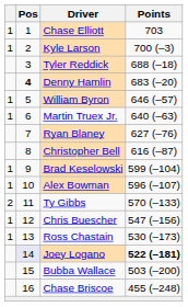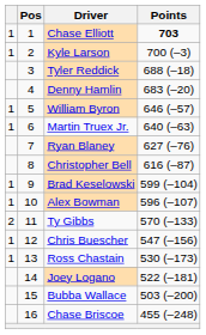 <table class="wikitable" style="font-size: 95%;">
 <tr>
 <th></th>
 <th>Pos</th>
 <th>Driver</th>
 <th>Points</th>
 </tr>
 <tr>
 <td align="left"> 1</td>
 <td style="text-align:center;">1</td>
 <td style="background:#FFDEAD;"><a href='#'>Chase Elliott</a></td>
-<td style="text-align:center;">703</td>
+<td style="text-align:center;"><strong>703</strong></td>
 </tr>
 <tr>
 <td align="left"> 1</td>
 <td style="text-align:center;">2</td>
 <td style="background:#FFDEAD;"><a href='#'>Kyle Larson</a></td>
 <td style="text-align:center;">700 (–3)</td>
 </tr>
 <tr>
 <td align="left"></td>
 <td style="text-align:center;">3</td>
 <td style="background:#FFDEAD;"><a href='#'>Tyler Reddick</a></td>
 <td style="text-align:center;">688 (–18)</td>
 </tr>
 <tr>
 <td align="left"></td>
-<td style="text-align:center;"><strong>4</strong></td>
+<td style="text-align:center;">4</td>
 <td style="background:#FFDEAD;"><a href='#'>Denny Hamlin</a></td>
 <td style="text-align:center;">683 (–20)</td>
 </tr>
 <tr>
 <td align="left"> 1</td>
 <td style="text-align:center;">5</td>
 <td style="background:#FFDEAD;"><a href='#'>William Byron</a></td>
 <td style="text-align:center;">646 (–57)</td>
 </tr>
 <tr>
 <td align="left"> 1</td>
 <td style="text-align:center;">6</td>
 <td><a href='#'>Martin Truex Jr.</a></td>
 <td style="text-align:center;">640 (–63)</td>
 </tr>
 <tr>
 <td align="left"></td>
 <td style="text-align:center;">7</td>
 <td style="background:#FFDEAD;"><a href='#'>Ryan Blaney</a></td>
 <td style="text-align:center;">627 (–76)</td>
 </tr>
 <tr>
 <td align="left"></td>
 <td style="text-align:center;">8</td>
 <td style="background:#FFDEAD;"><a href='#'>Christopher Bell</a></td>
 <td style="text-align:center;">616 (–87)</td>
 </tr>
 <tr>
 <td align="left"> 1</td>
 <td style="text-align:center;">9</td>
 <td style="background:#FFDEAD;"><a href='#'>Brad Keselowski</a></td>
 <td style="text-align:center;">599 (–104)</td>
 </tr>
 <tr>
 <td align="left"> 1</td>
 <td style="text-align:center;">10</td>
 <td style="background:#FFDEAD;"><a href='#'>Alex Bowman</a></td>
 <td style="text-align:center;">596 (–107)</td>
 </tr>
 <tr>
 <td align="left"> 2</td>
 <td style="text-align:center;">11</td>
 <td><a href='#'>Ty Gibbs</a></td>
 <td style="text-align:center;">570 (–133)</td>
 </tr>
 <tr>
 <td align="left"> 1</td>
 <td style="text-align:center;">12</td>
 <td><a href='#'>Chris Buescher</a></td>
 <td style="text-align:center;">547 (–156)</td>
 </tr>
 <tr>
 <td align="left"> 1</td>
 <td style="text-align:center;">13</td>
 <td><a href='#'>Ross Chastain</a></td>
 <td style="text-align:center;">530 (–173)</td>
 </tr>
 <tr>
 <td align="left"></td>
-<td style="background: lavender; text-align:center;">14</td>
+<td style="text-align:center;">14</td>
 <td style="background:#FFDEAD;"><a href='#'>Joey Logano</a></td>
-<td style="text-align:center;"><strong>522 (–181)</strong></td>
+<td style="text-align:center;">522 (–181)</td>
 </tr>
 <tr>
 <td align="left"></td>
 <td style="text-align:center;">15</td>
 <td><a href='#'>Bubba Wallace</a></td>
 <td style="text-align:center;">503 (–200)</td>
 </tr>
 <tr>
 <td align="left"></td>
 <td style="text-align:center;">16</td>
 <td><a href='#'>Chase Briscoe</a></td>
 <td style="text-align:center;">455 (–248)</td>
 </tr>
 <tr class="sortbottom">
 <th colspan="9"></th>
 </tr>
 </table>
